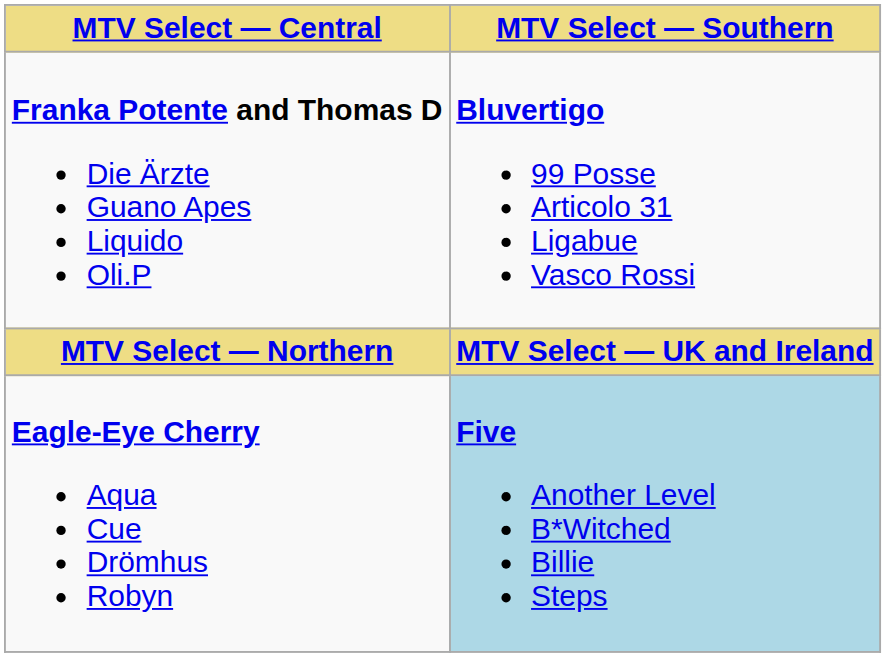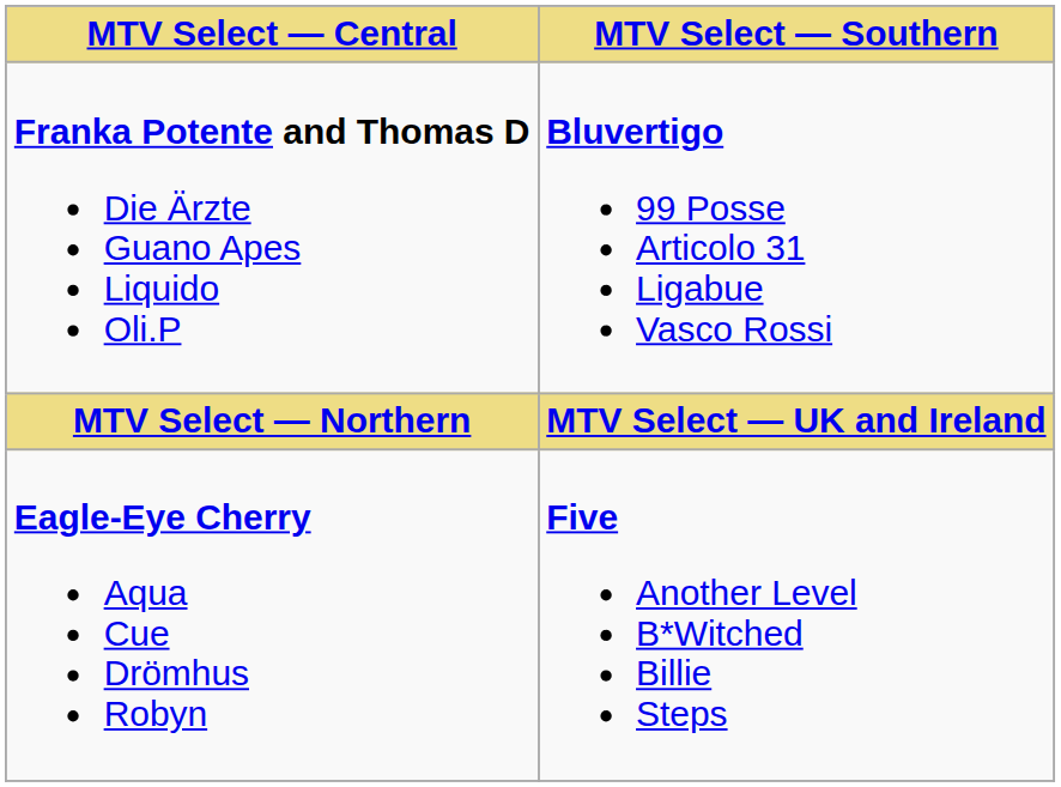 <table class=wikitable style="width=100%">
 <tr>
 <th style="background:#EEDD85; width=50%"><a href='#'>MTV Select — Central</a></th>
 <th style="background:#EEDD85; width=50%"><a href='#'>MTV Select — Southern</a></th>
 </tr>
 <tr>
 <td valign="top"><br><strong><a href='#'>Franka Potente</a> and Thomas D</strong><ul><li><a href='#'>Die Ärzte</a></li><li><a href='#'>Guano Apes</a></li><li><a href='#'>Liquido</a></li><li><a href='#'>Oli.P</a></li></ul></td>
 <td valign="top"><br><strong><a href='#'>Bluvertigo</a></strong><ul><li><a href='#'>99 Posse</a></li><li><a href='#'>Articolo 31</a></li><li><a href='#'>Ligabue</a></li><li><a href='#'>Vasco Rossi</a></li></ul></td>
 </tr>
 <tr>
 <th style="background:#EEDD85; width=50%"><a href='#'>MTV Select — Northern</a></th>
 <th style="background:#EEDD85; width=50%"><a href='#'>MTV Select — UK and Ireland</a></th>
 </tr>
 <tr>
 <td valign="top"><br><strong><a href='#'>Eagle-Eye Cherry</a></strong><ul><li><a href='#'>Aqua</a></li><li><a href='#'>Cue</a></li><li><a href='#'>Drömhus</a></li><li><a href='#'>Robyn</a></li></ul></td>
-<td valign="top" style="background: lightblue;"><br><strong><a href='#'>Five</a></strong><ul><li><a href='#'>Another Level</a></li><li><a href='#'>B*Witched</a></li><li><a href='#'>Billie</a></li><li><a href='#'>Steps</a></li></ul></td>
+<td valign="top"><br><strong><a href='#'>Five</a></strong><ul><li><a href='#'>Another Level</a></li><li><a href='#'>B*Witched</a></li><li><a href='#'>Billie</a></li><li><a href='#'>Steps</a></li></ul></td>
 </tr>
 </table>
